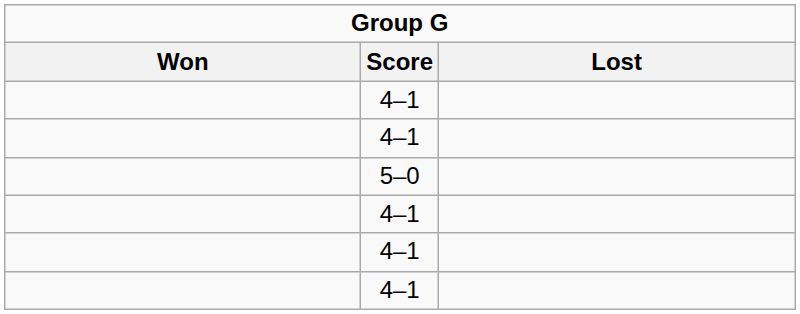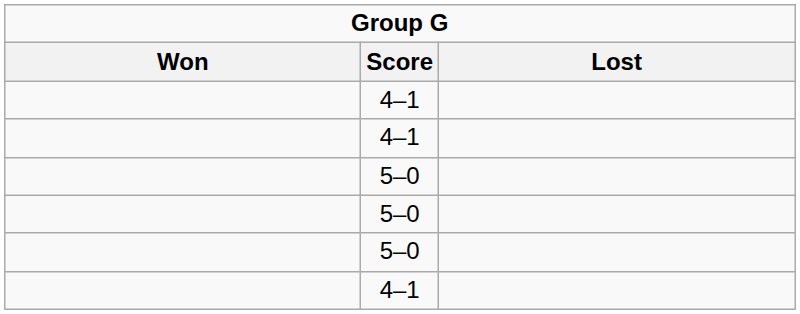 <table class="wikitable" style="text-align: center;">
 <tr>
 <td colspan="3"><strong>Group G</strong></td>
 </tr>
 <tr>
 <th scope="col" style="width: 230px;">Won</th>
 <th scope="col" style="width: 30px;">Score</th>
 <th scope="col" style="width: 230px;">Lost</th>
 </tr>
 <tr>
 <td></td>
 <td>4–1</td>
 <td></td>
 </tr>
 <tr>
 <td></td>
 <td>4–1</td>
 <td></td>
 </tr>
 <tr>
 <td></td>
 <td>5–0</td>
 <td></td>
 </tr>
 <tr>
 <td></td>
-<td>4–1</td>
+<td>5–0</td>
 <td></td>
 </tr>
 <tr>
 <td></td>
-<td>4–1</td>
+<td>5–0</td>
 <td></td>
 </tr>
 <tr>
 <td></td>
 <td>4–1</td>
 <td></td>
 </tr>
 </table>
